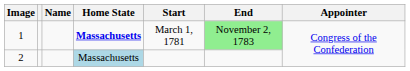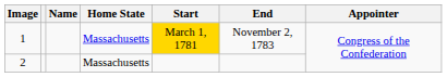 <table class="wikitable sortable" style="clear:right; text-align:center">
 <tr>
 <th class=unsortable>Image</th>
 <th></th>
 <th>Name</th>
 <th>Home State</th>
 <th>Start</th>
 <th>End</th>
 <th>Appointer</th>
 </tr>
 <tr>
 <td>1</td>
 <td></td>
 <td></td>
-<td><strong><a href='#'>Massachusetts</a></strong></td>
-<td {{dts>March 1, 1781</td>
-<td {{dts style="background: lightgreen;">November 2, 1783</td>
+<td><a href='#'>Massachusetts</a></td>
+<td {{dts style="background: gold;">March 1, 1781</td>
+<td {{dts>November 2, 1783</td>
 <td rowspan=2><a href='#'>Congress of the Confederation</a></td>
 </tr>
 <tr>
 <td>2</td>
 <td></td>
 <td></td>
-<td style="background: lightblue;">Massachusetts</td>
+<td>Massachusetts</td>
 <td></td>
 <td></td>
 </tr>
 </table>
